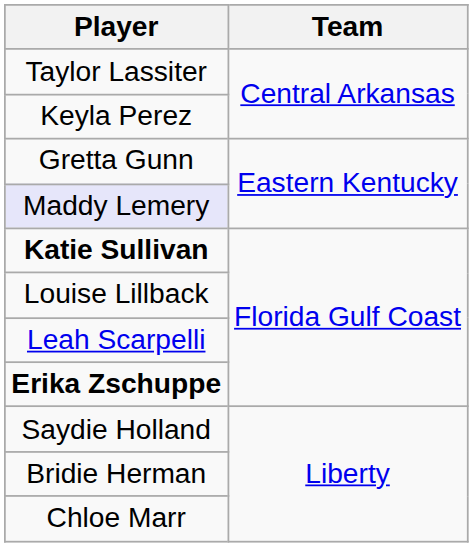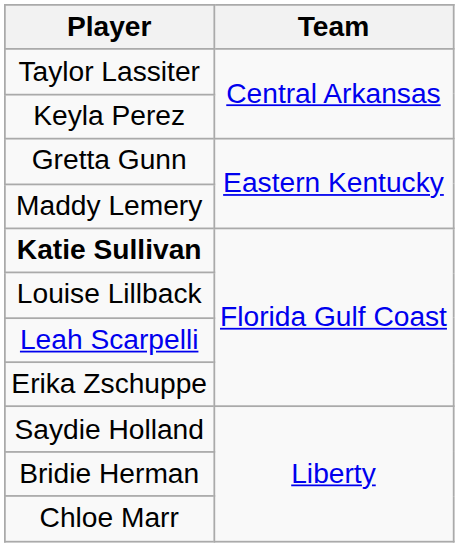 <table class="wikitable" style="text-align: center;">
 <tr>
 <th>Player</th>
 <th>Team</th>
 </tr>
 <tr>
 <td>Taylor Lassiter</td>
 <td rowspan=2><a href='#'>Central Arkansas</a></td>
 </tr>
 <tr>
 <td>Keyla Perez</td>
 </tr>
 <tr>
 <td>Gretta Gunn</td>
 <td rowspan=2><a href='#'>Eastern Kentucky</a></td>
 </tr>
 <tr>
-<td style="background: lavender;">Maddy Lemery</td>
+<td>Maddy Lemery</td>
 </tr>
 <tr>
 <td><strong>Katie Sullivan</strong></td>
 <td rowspan=4><a href='#'>Florida Gulf Coast</a></td>
 </tr>
 <tr>
 <td>Louise Lillback</td>
 </tr>
 <tr>
 <td><a href='#'>Leah Scarpelli</a></td>
 </tr>
 <tr>
-<td><strong>Erika Zschuppe</strong></td>
+<td>Erika Zschuppe</td>
 </tr>
 <tr>
 <td>Saydie Holland</td>
 <td rowspan=3><a href='#'>Liberty</a></td>
 </tr>
 <tr>
 <td>Bridie Herman</td>
 </tr>
 <tr>
 <td>Chloe Marr</td>
 </tr>
 </table>
